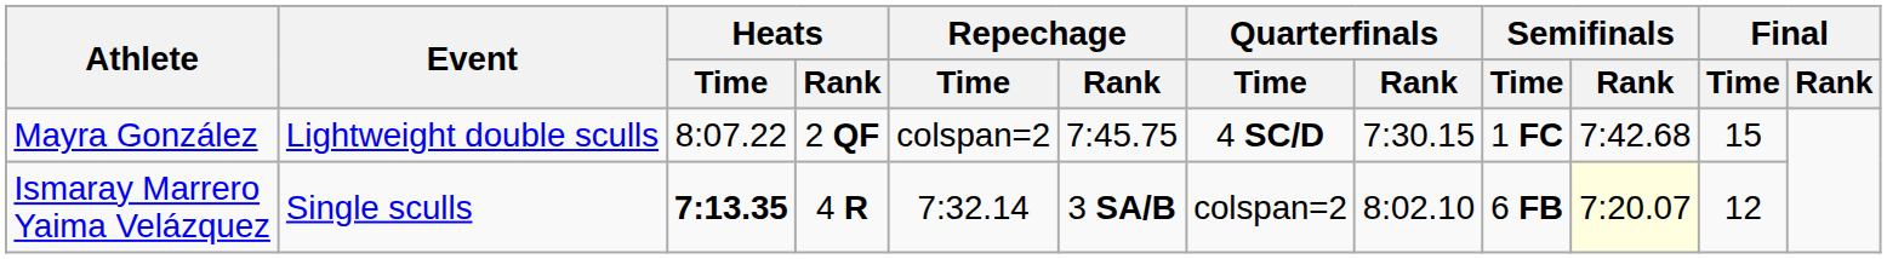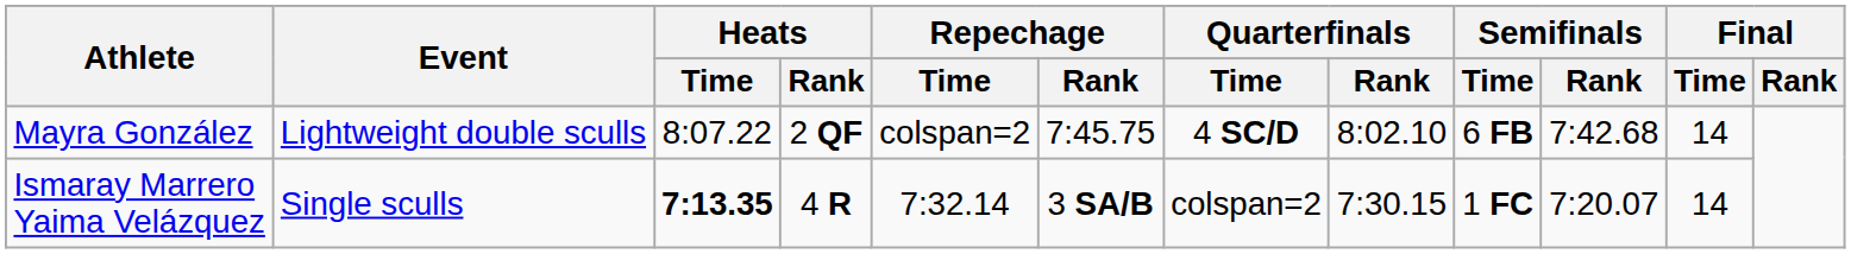 <table class="wikitable" style="font-size:90%">
 <tr>
 <th rowspan="2">Athlete</th>
 <th rowspan="2">Event</th>
 <th colspan="2">Heats</th>
 <th colspan="2">Repechage</th>
 <th colspan="2">Quarterfinals</th>
 <th colspan="2">Semifinals</th>
 <th colspan="2">Final</th>
 </tr>
 <tr style="font-size:95%">
 <th>Time</th>
 <th>Rank</th>
 <th>Time</th>
 <th>Rank</th>
 <th>Time</th>
 <th>Rank</th>
 <th>Time</th>
 <th>Rank</th>
 <th>Time</th>
 <th>Rank</th>
 </tr>
 <tr align=center>
 <td align=left><a href='#'>Mayra González</a></td>
 <td align=left><a href='#'>Lightweight double sculls</a></td>
 <td>8:07.22</td>
 <td>2 <strong>QF</strong></td>
 <td>colspan=2 </td>
 <td>7:45.75</td>
 <td>4 <strong>SC/D</strong></td>
-<td>7:30.15</td>
-<td>1 <strong>FC</strong></td>
+<td>8:02.10</td>
+<td>6 <strong>FB</strong></td>
 <td>7:42.68</td>
-<td>15</td>
+<td>14</td>
 </tr>
 <tr align=center>
 <td align=left><a href='#'>Ismaray Marrero</a><br><a href='#'>Yaima Velázquez</a></td>
 <td align=left><a href='#'>Single sculls</a></td>
 <td><strong>7:13.35</strong></td>
 <td>4 <strong>R</strong></td>
 <td>7:32.14</td>
 <td>3 <strong>SA/B</strong></td>
 <td>colspan=2 </td>
-<td>8:02.10</td>
-<td>6 <strong>FB</strong></td>
-<td style="background: lightyellow;">7:20.07</td>
-<td>12</td>
+<td>7:30.15</td>
+<td>1 <strong>FC</strong></td>
+<td>7:20.07</td>
+<td>14</td>
 </tr>
 </table>
